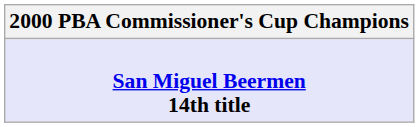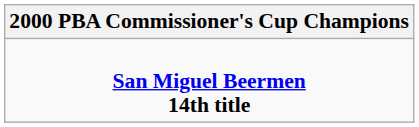 <table class=wikitable style="text-align:center; margin:auto">
 <tr>
 <th>2000 PBA Commissioner's Cup Champions</th>
 </tr>
 <tr>
-<td style="background: lavender;"><br> <strong><a href='#'>San Miguel Beermen</a></strong> <br> <strong>14th title</strong></td>
+<td><br> <strong><a href='#'>San Miguel Beermen</a></strong> <br> <strong>14th title</strong></td>
 </tr>
 </table>
